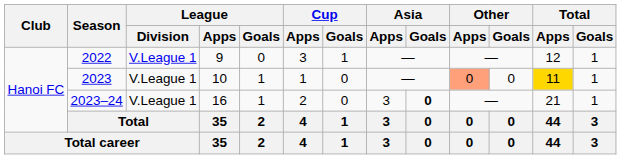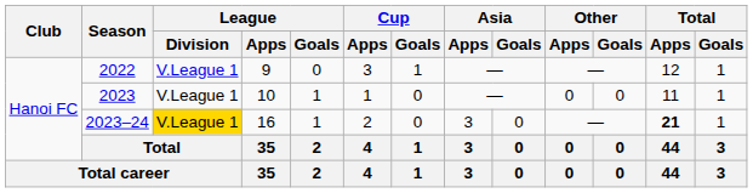 <table class="wikitable" style="text-align: center">
 <tr>
 <th rowspan=2>Club</th>
 <th rowspan=2>Season</th>
 <th colspan=3>League</th>
 <th colspan=2><a href='#'>Cup</a></th>
 <th colspan=2>Asia</th>
 <th colspan=2>Other</th>
 <th colspan=2>Total</th>
 </tr>
 <tr>
 <th>Division</th>
 <th>Apps</th>
 <th>Goals</th>
 <th>Apps</th>
 <th>Goals</th>
 <th>Apps</th>
 <th>Goals</th>
 <th>Apps</th>
 <th>Goals</th>
 <th>Apps</th>
 <th>Goals</th>
 </tr>
 <tr>
 <td rowspan=4><a href='#'>Hanoi FC</a></td>
 <td><a href='#'>2022</a></td>
 <td><a href='#'>V.League 1</a></td>
 <td>9</td>
 <td>0</td>
 <td>3</td>
 <td>1</td>
 <td colspan="2">—</td>
 <td colspan="2">—</td>
 <td>12</td>
 <td>1</td>
 </tr>
 <tr>
 <td><a href='#'>2023</a></td>
 <td>V.League 1</td>
 <td>10</td>
 <td>1</td>
 <td>1</td>
 <td>0</td>
 <td colspan="2">—</td>
-<td style="background: lightsalmon;">0</td>
 <td>0</td>
-<td style="background: gold;">11</td>
+<td>0</td>
+<td>11</td>
 <td>1</td>
 </tr>
 <tr>
 <td><a href='#'>2023–24</a></td>
-<td>V.League 1</td>
+<td style="background: gold;">V.League 1</td>
 <td>16</td>
 <td>1</td>
 <td>2</td>
 <td>0</td>
 <td>3</td>
-<td><strong>0</strong></td>
+<td>0</td>
 <td colspan=2>—</td>
-<td>21</td>
+<td><strong>21</strong></td>
 <td>1</td>
 </tr>
 <tr>
 <th colspan="2">Total</th>
 <th>35</th>
 <th>2</th>
 <th>4</th>
 <th>1</th>
 <th>3</th>
 <th>0</th>
 <th>0</th>
 <th>0</th>
 <th>44</th>
 <th>3</th>
 </tr>
 <tr>
 <th colspan="3">Total career</th>
 <th>35</th>
 <th>2</th>
 <th>4</th>
 <th>1</th>
 <th>3</th>
 <th>0</th>
 <th>0</th>
 <th>0</th>
 <th>44</th>
 <th>3</th>
 </tr>
 </table>
